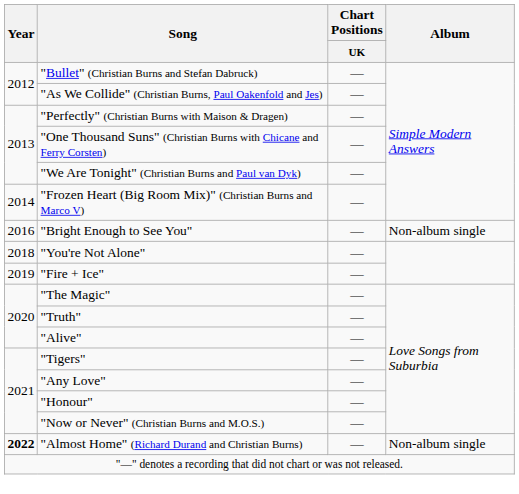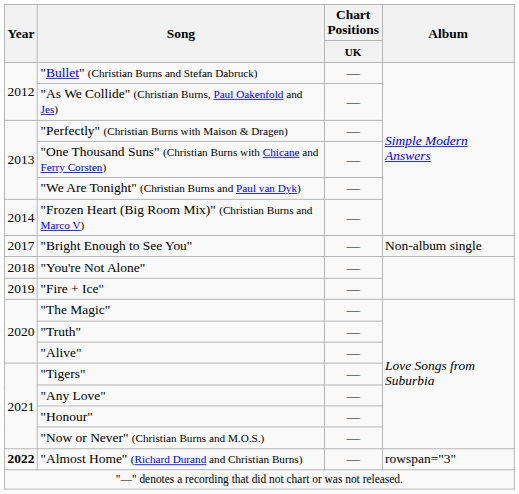 <table class="wikitable plainrowheaders">
 <tr>
 <th rowspan="2">Year</th>
 <th rowspan="2">Song</th>
 <th>Chart Positions</th>
 <th rowspan="2">Album</th>
 </tr>
 <tr>
 <th style="vertical-align:top; width:25px;"><small>UK</small></th>
 </tr>
 <tr>
 <td rowspan="2">2012</td>
 <td>"<a href='#'>Bullet</a>" <small>(Christian Burns and Stefan Dabruck)</small></td>
 <td style="text-align:center;">—</td>
 <td rowspan="6"><em><a href='#'>Simple Modern Answers</a></em></td>
 </tr>
 <tr>
 <td>"As We Collide" <small>(Christian Burns, <a href='#'>Paul Oakenfold</a> and <a href='#'>Jes</a>)</small></td>
 <td style="text-align:center;">—</td>
 </tr>
 <tr>
 <td rowspan="3">2013</td>
 <td>"Perfectly" <small>(Christian Burns with Maison & Dragen)</small></td>
 <td style="text-align:center;">—</td>
 </tr>
 <tr>
 <td>"One Thousand Suns" <small>(Christian Burns with <a href='#'>Chicane</a> and <a href='#'>Ferry Corsten</a>)</small></td>
 <td style="text-align:center;">—</td>
 </tr>
 <tr>
 <td>"We Are Tonight" <small>(Christian Burns and <a href='#'>Paul van Dyk</a>)</small></td>
 <td style="text-align:center;">—</td>
 </tr>
 <tr>
 <td>2014</td>
 <td>"Frozen Heart (Big Room Mix)" <small>(Christian Burns and <a href='#'>Marco V</a>)</small></td>
 <td style="text-align:center;">—</td>
 </tr>
 <tr>
-<td>2016</td>
+<td>2017</td>
 <td>"Bright Enough to See You"</td>
 <td style="text-align:center;">—</td>
 <td>Non-album single</td>
 </tr>
 <tr>
 <td>2018</td>
 <td>"You're Not Alone"</td>
 <td style="text-align:center;">—</td>
 </tr>
 <tr>
 <td>2019</td>
 <td>"Fire + Ice"</td>
 <td style="text-align:center;">—</td>
 </tr>
 <tr>
 <td rowspan="3">2020</td>
 <td>"The Magic"</td>
 <td style="text-align:center;">—</td>
 <td rowspan="7"><em>Love Songs from Suburbia</em></td>
 </tr>
 <tr>
 <td>"Truth"</td>
 <td style="text-align:center;">—</td>
 </tr>
 <tr>
 <td>"Alive"</td>
 <td style="text-align:center;">—</td>
 </tr>
 <tr>
 <td rowspan="4">2021</td>
 <td>"Tigers"</td>
 <td style="text-align:center;">—</td>
 </tr>
 <tr>
 <td>"Any Love"</td>
 <td style="text-align:center;">—</td>
 </tr>
 <tr>
 <td>"Honour"</td>
 <td style="text-align:center;">—</td>
 </tr>
 <tr>
 <td>"Now or Never" <small>(Christian Burns and M.O.S.)</small></td>
 <td style="text-align:center;">—</td>
 </tr>
 <tr>
 <td rowspan="1"><strong>2022</strong></td>
 <td>"Almost Home" <small>(<a href='#'>Richard Durand</a> and Christian Burns)</small></td>
 <td style="text-align:center;">—</td>
-<td>Non-album single</td>
+<td>rowspan="3" </td>
 </tr>
 <tr>
 <td colspan="4" style="font-size:85%" align="center">"—" denotes a recording that did not chart or was not released.</td>
 </tr>
 </table>
